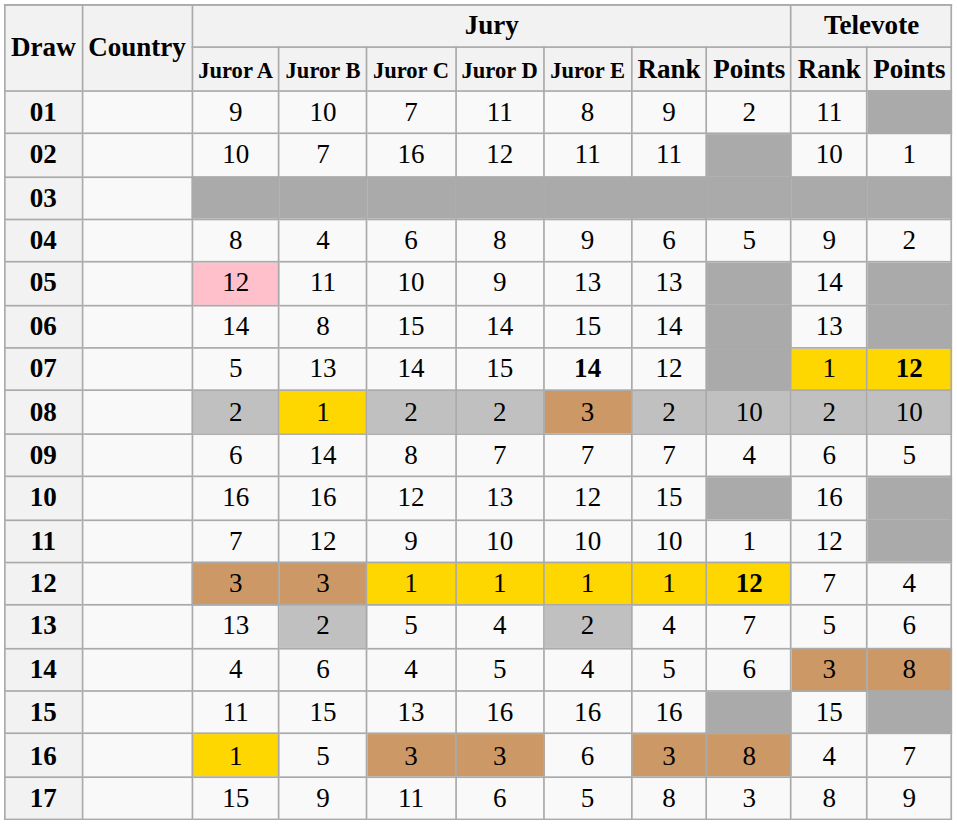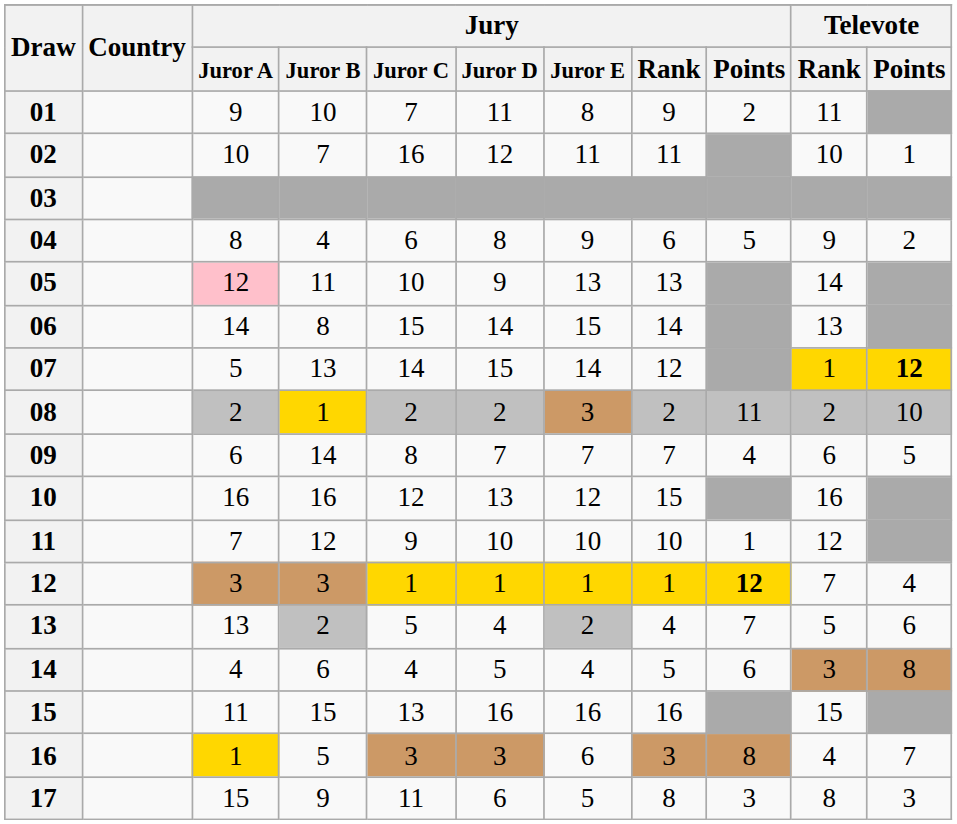 <table class="sortable wikitable collapsible plainrowheaders" style="text-align:center;">
 <tr>
 </tr>
 <tr>
 <th scope="col" rowspan="2">Draw</th>
 <th scope="col" rowspan="2">Country</th>
 <th scope="col" colspan="7">Jury</th>
 <th scope="col" colspan="2">Televote</th>
 </tr>
 <tr>
 <th scope="col"><small>Juror A</small></th>
 <th scope="col"><small>Juror B</small></th>
 <th scope="col"><small>Juror C</small></th>
 <th scope="col"><small>Juror D</small></th>
 <th scope="col"><small>Juror E</small></th>
 <th scope="col">Rank</th>
 <th scope="col">Points</th>
 <th scope="col">Rank</th>
 <th scope="col">Points</th>
 </tr>
 <tr>
 <th scope="row" style="text-align:center;">01</th>
 <td style="text-align:left;"></td>
 <td>9</td>
 <td>10</td>
 <td>7</td>
 <td>11</td>
 <td>8</td>
 <td>9</td>
 <td>2</td>
 <td>11</td>
 <td style="background:#AAAAAA;"></td>
 </tr>
 <tr>
 <th scope="row" style="text-align:center;">02</th>
 <td style="text-align:left;"></td>
 <td>10</td>
 <td>7</td>
 <td>16</td>
 <td>12</td>
 <td>11</td>
 <td>11</td>
 <td style="background:#AAAAAA;"></td>
 <td>10</td>
 <td>1</td>
 </tr>
 <tr class="sortbottom">
 <th scope="row" style="text-align:center;">03</th>
 <td style="text-align:left;"></td>
 <td style="background:#AAAAAA;"></td>
 <td style="background:#AAAAAA;"></td>
 <td style="background:#AAAAAA;"></td>
 <td style="background:#AAAAAA;"></td>
 <td style="background:#AAAAAA;"></td>
 <td style="background:#AAAAAA;"></td>
 <td style="background:#AAAAAA;"></td>
 <td style="background:#AAAAAA;"></td>
 <td style="background:#AAAAAA;"></td>
 </tr>
 <tr>
 <th scope="row" style="text-align:center;">04</th>
 <td style="text-align:left;"></td>
 <td>8</td>
 <td>4</td>
 <td>6</td>
 <td>8</td>
 <td>9</td>
 <td>6</td>
 <td>5</td>
 <td>9</td>
 <td>2</td>
 </tr>
 <tr>
 <th scope="row" style="text-align:center;">05</th>
 <td style="text-align:left;"></td>
 <td style="background: pink;">12</td>
 <td>11</td>
 <td>10</td>
 <td>9</td>
 <td>13</td>
 <td>13</td>
 <td style="background:#AAAAAA;"></td>
 <td>14</td>
 <td style="background:#AAAAAA;"></td>
 </tr>
 <tr>
 <th scope="row" style="text-align:center;">06</th>
 <td style="text-align:left;"></td>
 <td>14</td>
 <td>8</td>
 <td>15</td>
 <td>14</td>
 <td>15</td>
 <td>14</td>
 <td style="background:#AAAAAA;"></td>
 <td>13</td>
 <td style="background:#AAAAAA;"></td>
 </tr>
 <tr>
 <th scope="row" style="text-align:center;">07</th>
 <td style="text-align:left;"></td>
 <td>5</td>
 <td>13</td>
 <td>14</td>
 <td>15</td>
-<td><strong>14</strong></td>
+<td>14</td>
 <td>12</td>
 <td style="background:#AAAAAA;"></td>
 <td style="background:gold;">1</td>
 <td style="background:gold;"><strong>12</strong></td>
 </tr>
 <tr>
 <th scope="row" style="text-align:center;">08</th>
 <td style="text-align:left;"></td>
 <td style="background:silver;">2</td>
 <td style="background:gold;">1</td>
 <td style="background:silver;">2</td>
 <td style="background:silver;">2</td>
 <td style="background:#CC9966;">3</td>
 <td style="background:silver;">2</td>
-<td style="background:silver;">10</td>
+<td style="background:silver;">11</td>
 <td style="background:silver;">2</td>
 <td style="background:silver;">10</td>
 </tr>
 <tr>
 <th scope="row" style="text-align:center;">09</th>
 <td style="text-align:left;"></td>
 <td>6</td>
 <td>14</td>
 <td>8</td>
 <td>7</td>
 <td>7</td>
 <td>7</td>
 <td>4</td>
 <td>6</td>
 <td>5</td>
 </tr>
 <tr>
 <th scope="row" style="text-align:center;">10</th>
 <td style="text-align:left;"></td>
 <td>16</td>
 <td>16</td>
 <td>12</td>
 <td>13</td>
 <td>12</td>
 <td>15</td>
 <td style="background:#AAAAAA;"></td>
 <td>16</td>
 <td style="background:#AAAAAA;"></td>
 </tr>
 <tr>
 <th scope="row" style="text-align:center;">11</th>
 <td style="text-align:left;"></td>
 <td>7</td>
 <td>12</td>
 <td>9</td>
 <td>10</td>
 <td>10</td>
 <td>10</td>
 <td>1</td>
 <td>12</td>
 <td style="background:#AAAAAA;"></td>
 </tr>
 <tr>
 <th scope="row" style="text-align:center;">12</th>
 <td style="text-align:left;"></td>
 <td style="background:#CC9966;">3</td>
 <td style="background:#CC9966;">3</td>
 <td style="background:gold;">1</td>
 <td style="background:gold;">1</td>
 <td style="background:gold;">1</td>
 <td style="background:gold;">1</td>
 <td style="background:gold;"><strong>12</strong></td>
 <td>7</td>
 <td>4</td>
 </tr>
 <tr>
 <th scope="row" style="text-align:center;">13</th>
 <td style="text-align:left;"></td>
 <td>13</td>
 <td style="background:silver;">2</td>
 <td>5</td>
 <td>4</td>
 <td style="background:silver;">2</td>
 <td>4</td>
 <td>7</td>
 <td>5</td>
 <td>6</td>
 </tr>
 <tr>
 <th scope="row" style="text-align:center;">14</th>
 <td style="text-align:left;"></td>
 <td>4</td>
 <td>6</td>
 <td>4</td>
 <td>5</td>
 <td>4</td>
 <td>5</td>
 <td>6</td>
 <td style="background:#CC9966;">3</td>
 <td style="background:#CC9966;">8</td>
 </tr>
 <tr>
 <th scope="row" style="text-align:center;">15</th>
 <td style="text-align:left;"></td>
 <td>11</td>
 <td>15</td>
 <td>13</td>
 <td>16</td>
 <td>16</td>
 <td>16</td>
 <td style="background:#AAAAAA;"></td>
 <td>15</td>
 <td style="background:#AAAAAA;"></td>
 </tr>
 <tr>
 <th scope="row" style="text-align:center;">16</th>
 <td style="text-align:left;"></td>
 <td style="background:gold;">1</td>
 <td>5</td>
 <td style="background:#CC9966;">3</td>
 <td style="background:#CC9966;">3</td>
 <td>6</td>
 <td style="background:#CC9966;">3</td>
 <td style="background:#CC9966;">8</td>
 <td>4</td>
 <td>7</td>
 </tr>
 <tr>
 <th scope="row" style="text-align:center;">17</th>
 <td style="text-align:left;"></td>
 <td>15</td>
 <td>9</td>
 <td>11</td>
 <td>6</td>
 <td>5</td>
 <td>8</td>
 <td>3</td>
 <td>8</td>
-<td>9</td>
+<td>3</td>
 </tr>
 </table>
